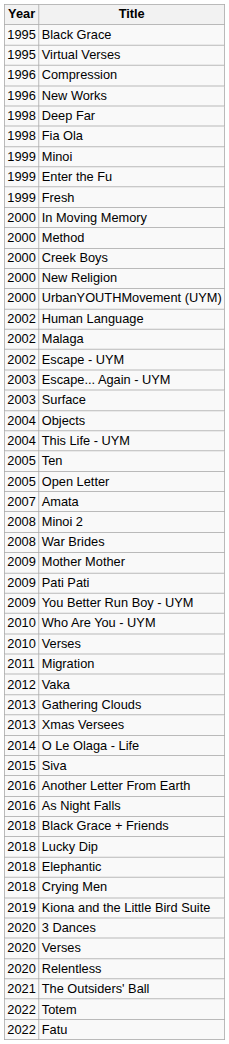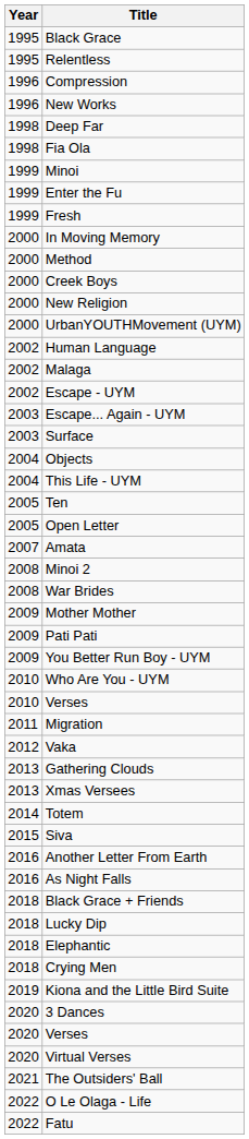 <table class="wikitable sortable">
 <tr>
 <th>Year</th>
 <th>Title</th>
 </tr>
 <tr>
 <td>1995</td>
 <td>Black Grace</td>
 </tr>
 <tr>
 <td>1995</td>
-<td>Virtual Verses</td>
+<td>Relentless</td>
 </tr>
 <tr>
 <td>1996</td>
 <td>Compression</td>
 </tr>
 <tr>
 <td>1996</td>
 <td>New Works</td>
 </tr>
 <tr>
 <td>1998</td>
 <td>Deep Far</td>
 </tr>
 <tr>
 <td>1998</td>
 <td>Fia Ola</td>
 </tr>
 <tr>
 <td>1999</td>
 <td>Minoi</td>
 </tr>
 <tr>
 <td>1999</td>
 <td>Enter the Fu</td>
 </tr>
 <tr>
 <td>1999</td>
 <td>Fresh</td>
 </tr>
 <tr>
 <td>2000</td>
 <td>In Moving Memory</td>
 </tr>
 <tr>
 <td>2000</td>
 <td>Method</td>
 </tr>
 <tr>
 <td>2000</td>
 <td>Creek Boys</td>
 </tr>
 <tr>
 <td>2000</td>
 <td>New Religion</td>
 </tr>
 <tr>
 <td>2000</td>
 <td>UrbanYOUTHMovement (UYM)</td>
 </tr>
 <tr>
 <td>2002</td>
 <td>Human Language</td>
 </tr>
 <tr>
 <td>2002</td>
 <td>Malaga</td>
 </tr>
 <tr>
 <td>2002</td>
 <td>Escape - UYM</td>
 </tr>
 <tr>
 <td>2003</td>
 <td>Escape... Again - UYM</td>
 </tr>
 <tr>
 <td>2003</td>
 <td>Surface</td>
 </tr>
 <tr>
 <td>2004</td>
 <td>Objects</td>
 </tr>
 <tr>
 <td>2004</td>
 <td>This Life - UYM</td>
 </tr>
 <tr>
 <td>2005</td>
 <td>Ten</td>
 </tr>
 <tr>
 <td>2005</td>
 <td>Open Letter</td>
 </tr>
 <tr>
 <td>2007</td>
 <td>Amata</td>
 </tr>
 <tr>
 <td>2008</td>
 <td>Minoi 2</td>
 </tr>
 <tr>
 <td>2008</td>
 <td>War Brides</td>
 </tr>
 <tr>
 <td>2009</td>
 <td>Mother Mother</td>
 </tr>
 <tr>
 <td>2009</td>
 <td>Pati Pati</td>
 </tr>
 <tr>
 <td>2009</td>
 <td>You Better Run Boy - UYM</td>
 </tr>
 <tr>
 <td>2010</td>
 <td>Who Are You - UYM</td>
 </tr>
 <tr>
 <td>2010</td>
 <td>Verses</td>
 </tr>
 <tr>
 <td>2011</td>
 <td>Migration</td>
 </tr>
 <tr>
 <td>2012</td>
 <td>Vaka</td>
 </tr>
 <tr>
 <td>2013</td>
 <td>Gathering Clouds</td>
 </tr>
 <tr>
 <td>2013</td>
 <td>Xmas Versees</td>
 </tr>
 <tr>
 <td>2014</td>
-<td>O Le Olaga - Life</td>
+<td>Totem</td>
 </tr>
 <tr>
 <td>2015</td>
 <td>Siva</td>
 </tr>
 <tr>
 <td>2016</td>
 <td>Another Letter From Earth</td>
 </tr>
 <tr>
 <td>2016</td>
 <td>As Night Falls</td>
 </tr>
 <tr>
 <td>2018</td>
 <td>Black Grace + Friends</td>
 </tr>
 <tr>
 <td>2018</td>
 <td>Lucky Dip</td>
 </tr>
 <tr>
 <td>2018</td>
 <td>Elephantic</td>
 </tr>
 <tr>
 <td>2018</td>
 <td>Crying Men</td>
 </tr>
 <tr>
 <td>2019</td>
 <td>Kiona and the Little Bird Suite</td>
 </tr>
 <tr>
 <td>2020</td>
 <td>3 Dances</td>
 </tr>
 <tr>
 <td>2020</td>
 <td>Verses</td>
 </tr>
 <tr>
 <td>2020</td>
-<td>Relentless</td>
+<td>Virtual Verses</td>
 </tr>
 <tr>
 <td>2021</td>
 <td>The Outsiders' Ball</td>
 </tr>
 <tr>
 <td>2022</td>
-<td>Totem</td>
+<td>O Le Olaga - Life</td>
 </tr>
 <tr>
 <td>2022</td>
 <td>Fatu</td>
 </tr>
 </table>
